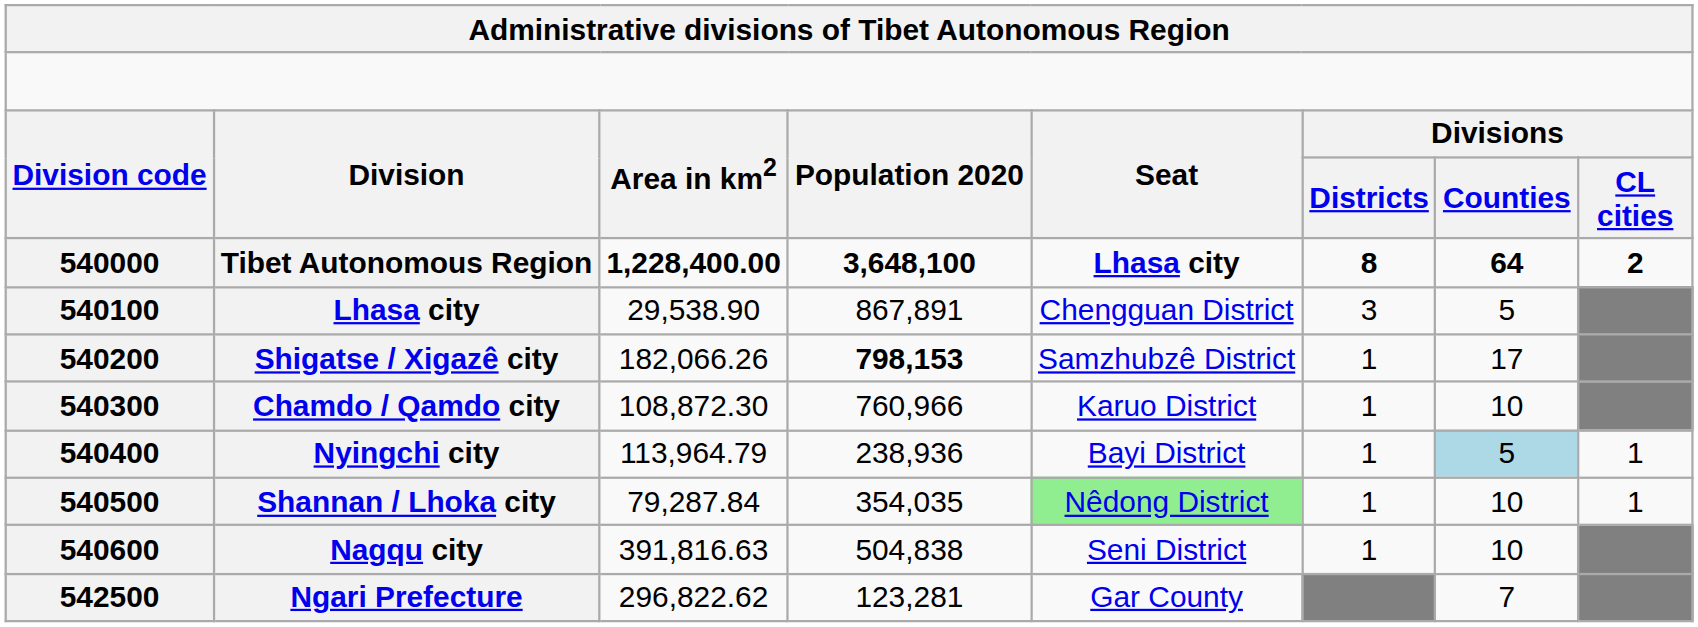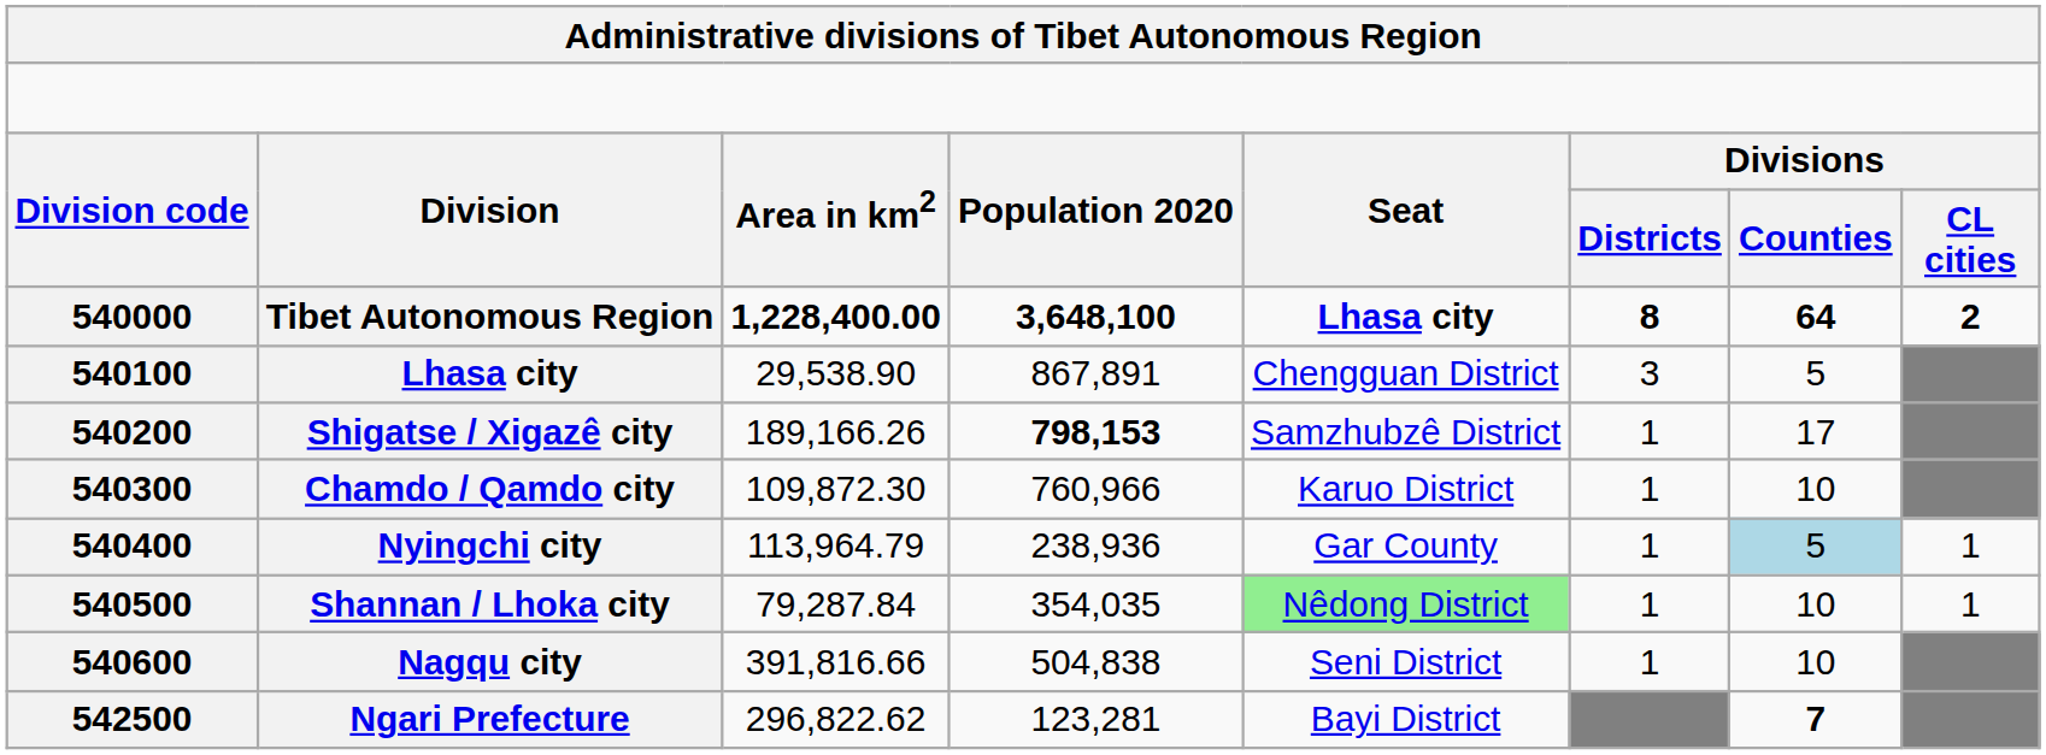 <table class="wikitable" style="margin:1em auto 1em auto; font-size:smaller; text-align:center;">
 <tr>
 <th colspan="9">Administrative divisions of Tibet Autonomous Region</th>
 </tr>
 <tr>
 <td colspan="9" style="font-size:larger;"><div><br>          </div></td>
 </tr>
 <tr>
 <th ! scope="col" rowspan="2"><a href='#'>Division code</a></th>
 <th ! scope="col" rowspan="2">Division</th>
 <th ! scope="col" rowspan="2">Area in km<sup>2</sup></th>
 <th ! scope="col" rowspan="2">Population 2020</th>
 <th ! scope="col" rowspan="2">Seat</th>
 <th ! scope="col" colspan="3">Divisions</th>
 </tr>
 <tr>
 <th ! scope="col" width="45"><a href='#'>Districts</a></th>
 <th ! scope="col" width="45"><a href='#'>Counties</a></th>
 <th ! scope="col" width="45"><a href='#'>CL cities</a></th>
 </tr>
 <tr style="font-weight: bold">
 <th>540000</th>
 <th>Tibet Autonomous Region</th>
 <td>1,228,400.00</td>
 <td>3,648,100</td>
 <td><a href='#'>Lhasa</a> city</td>
 <td>8</td>
 <td>64</td>
 <td>2</td>
 </tr>
 <tr>
 <th>540100</th>
 <th><a href='#'>Lhasa</a> city</th>
 <td>29,538.90</td>
 <td>867,891</td>
 <td><a href='#'>Chengguan District</a></td>
 <td>3</td>
 <td>5</td>
 <td bgcolor="grey"></td>
 </tr>
 <tr>
 <th>540200</th>
 <th><a href='#'>Shigatse / Xigazê</a> city</th>
-<td>182,066.26</td>
+<td>189,166.26</td>
 <td><strong>798,153</strong></td>
 <td><a href='#'>Samzhubzê District</a></td>
 <td>1</td>
 <td>17</td>
 <td bgcolor="grey"></td>
 </tr>
 <tr>
 <th>540300</th>
 <th><a href='#'>Chamdo / Qamdo</a> city</th>
-<td>108,872.30</td>
+<td>109,872.30</td>
 <td>760,966</td>
 <td><a href='#'>Karuo District</a></td>
 <td>1</td>
 <td>10</td>
 <td bgcolor="grey"></td>
 </tr>
 <tr>
 <th>540400</th>
 <th><a href='#'>Nyingchi</a> city</th>
 <td>113,964.79</td>
 <td>238,936</td>
-<td><a href='#'>Bayi District</a></td>
+<td><a href='#'>Gar County</a></td>
 <td>1</td>
 <td style="background: lightblue;">5</td>
 <td>1</td>
 </tr>
 <tr>
 <th>540500</th>
 <th><a href='#'>Shannan / Lhoka</a> city</th>
 <td>79,287.84</td>
 <td>354,035</td>
 <td style="background: lightgreen;"><a href='#'>Nêdong District</a></td>
 <td>1</td>
 <td>10</td>
 <td>1</td>
 </tr>
 <tr>
 <th>540600</th>
 <th><a href='#'>Nagqu</a> city</th>
-<td>391,816.63</td>
+<td>391,816.66</td>
 <td>504,838</td>
 <td><a href='#'>Seni District</a></td>
 <td>1</td>
 <td>10</td>
 <td bgcolor="grey"></td>
 </tr>
 <tr>
 <th>542500</th>
 <th><a href='#'>Ngari Prefecture</a></th>
 <td>296,822.62</td>
 <td>123,281</td>
-<td><a href='#'>Gar County</a></td>
+<td><a href='#'>Bayi District</a></td>
 <td bgcolor="grey"></td>
-<td>7</td>
+<td><strong>7</strong></td>
 <td bgcolor="grey"></td>
 </tr>
 </table>
